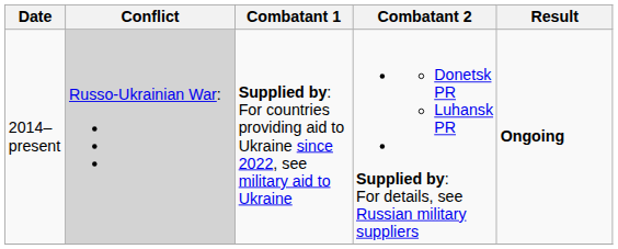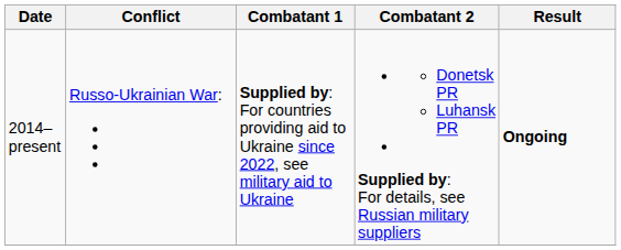 <table class="wikitable" width="100%">
 <tr>
 <th width="10%">Date</th>
 <th width="30%">Conflict</th>
 <th width="20%">Combatant 1</th>
 <th width="20%">Combatant 2</th>
 <th width="20%">Result</th>
 </tr>
 <tr>
 <td>2014–present</td>
-<td style="background: lightgrey;"><a href='#'>Russo-Ukrainian War</a>:<br><ul><li></li><li></li><li></li></ul></td>
+<td><a href='#'>Russo-Ukrainian War</a>:<br><ul><li></li><li></li><li></li></ul></td>
 <td><br><strong>Supplied by</strong>:<br>For countries providing aid to Ukraine <a href='#'>since 2022</a>, see <a href='#'>military aid to Ukraine</a></td>
 <td><br><ul><li><ul><li> <a href='#'>Donetsk PR</a></li><li> <a href='#'>Luhansk PR</a></li></ul></li><li></li></ul><strong>Supplied by</strong>: <br>For details, see <a href='#'>Russian military suppliers</a>  </td>
 <td><strong>Ongoing</strong><br></td>
 </tr>
 <tr>
 </tr>
 </table>
